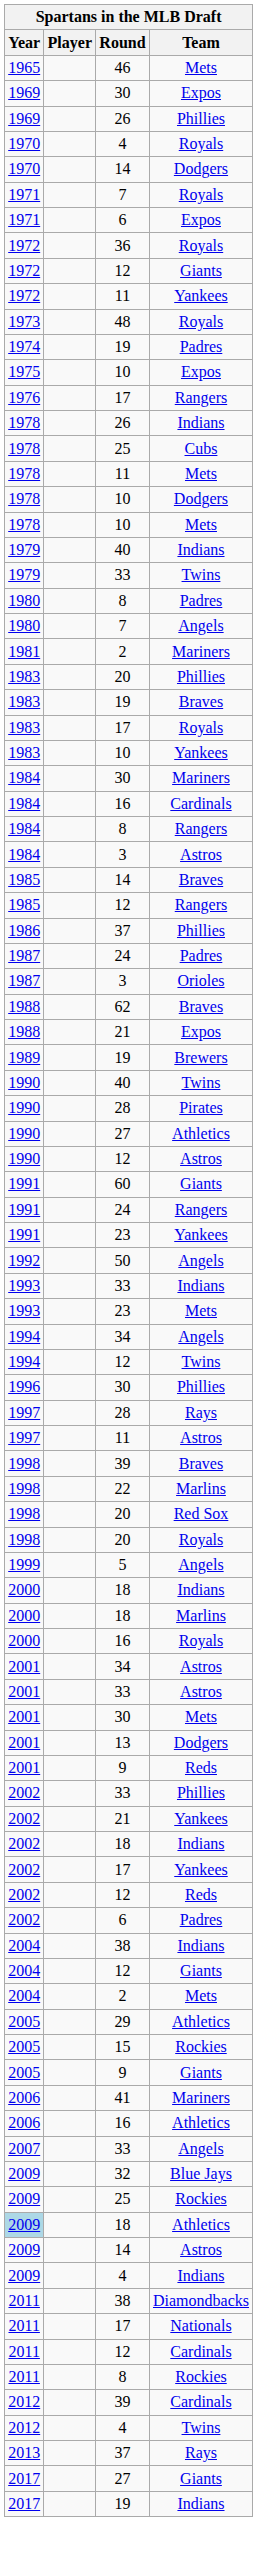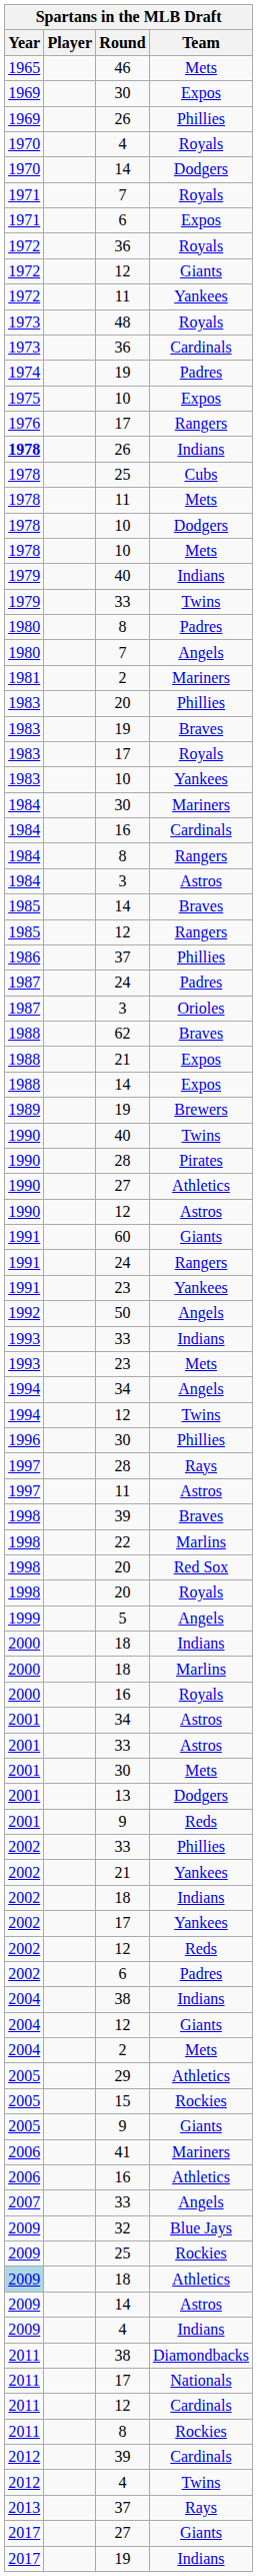 <table class="wikitable sortable collapsible collapsed" style="text-align:center">
 <tr>
 <th colspan=4>Spartans in the MLB Draft</th>
 </tr>
 <tr>
 <th>Year</th>
 <th>Player</th>
 <th>Round</th>
 <th>Team</th>
 </tr>
 <tr>
 <td><a href='#'>1965</a></td>
 <td></td>
 <td>46</td>
 <td><a href='#'>Mets</a></td>
 </tr>
 <tr>
 <td><a href='#'>1969</a></td>
 <td></td>
 <td>30</td>
 <td><a href='#'>Expos</a></td>
 </tr>
 <tr>
 <td><a href='#'>1969</a></td>
 <td></td>
 <td>26</td>
 <td><a href='#'>Phillies</a></td>
 </tr>
 <tr>
 <td><a href='#'>1970</a></td>
 <td></td>
 <td>4</td>
 <td><a href='#'>Royals</a></td>
 </tr>
 <tr>
 <td><a href='#'>1970</a></td>
 <td></td>
 <td>14</td>
 <td><a href='#'>Dodgers</a></td>
 </tr>
 <tr>
 <td><a href='#'>1971</a></td>
 <td></td>
 <td>7</td>
 <td><a href='#'>Royals</a></td>
 </tr>
 <tr>
 <td><a href='#'>1971</a></td>
 <td></td>
 <td>6</td>
 <td><a href='#'>Expos</a></td>
 </tr>
 <tr>
 <td><a href='#'>1972</a></td>
 <td></td>
 <td>36</td>
 <td><a href='#'>Royals</a></td>
 </tr>
 <tr>
 <td><a href='#'>1972</a></td>
 <td></td>
 <td>12</td>
 <td><a href='#'>Giants</a></td>
 </tr>
 <tr>
 <td><a href='#'>1972</a></td>
 <td></td>
 <td>11</td>
 <td><a href='#'>Yankees</a></td>
 </tr>
 <tr>
 <td><a href='#'>1973</a></td>
 <td></td>
 <td>48</td>
 <td><a href='#'>Royals</a></td>
 </tr>
 <tr>
+<td><a href='#'>1973</a></td>
+<td></td>
+<td>36</td>
+<td><a href='#'>Cardinals</a></td>
+</tr>
+<tr>
 <td><a href='#'>1974</a></td>
 <td></td>
 <td>19</td>
 <td><a href='#'>Padres</a></td>
 </tr>
 <tr>
 <td><a href='#'>1975</a></td>
 <td></td>
 <td>10</td>
 <td><a href='#'>Expos</a></td>
 </tr>
 <tr>
 <td><a href='#'>1976</a></td>
 <td></td>
 <td>17</td>
 <td><a href='#'>Rangers</a></td>
 </tr>
 <tr>
-<td><a href='#'>1978</a></td>
+<td><strong><a href='#'>1978</a></strong></td>
 <td></td>
 <td>26</td>
 <td><a href='#'>Indians</a></td>
 </tr>
 <tr>
 <td><a href='#'>1978</a></td>
 <td></td>
 <td>25</td>
 <td><a href='#'>Cubs</a></td>
 </tr>
 <tr>
 <td><a href='#'>1978</a></td>
 <td></td>
 <td>11</td>
 <td><a href='#'>Mets</a></td>
 </tr>
 <tr>
 <td><a href='#'>1978</a></td>
 <td></td>
 <td>10</td>
 <td><a href='#'>Dodgers</a></td>
 </tr>
 <tr>
 <td><a href='#'>1978</a></td>
 <td></td>
 <td>10</td>
 <td><a href='#'>Mets</a></td>
 </tr>
 <tr>
 <td><a href='#'>1979</a></td>
 <td></td>
 <td>40</td>
 <td><a href='#'>Indians</a></td>
 </tr>
 <tr>
 <td><a href='#'>1979</a></td>
 <td></td>
 <td>33</td>
 <td><a href='#'>Twins</a></td>
 </tr>
 <tr>
 <td><a href='#'>1980</a></td>
 <td></td>
 <td>8</td>
 <td><a href='#'>Padres</a></td>
 </tr>
 <tr>
 <td><a href='#'>1980</a></td>
 <td></td>
 <td>7</td>
 <td><a href='#'>Angels</a></td>
 </tr>
 <tr>
 <td><a href='#'>1981</a></td>
 <td></td>
 <td>2</td>
 <td><a href='#'>Mariners</a></td>
 </tr>
 <tr>
 <td><a href='#'>1983</a></td>
 <td></td>
 <td>20</td>
 <td><a href='#'>Phillies</a></td>
 </tr>
 <tr>
 <td><a href='#'>1983</a></td>
 <td></td>
 <td>19</td>
 <td><a href='#'>Braves</a></td>
 </tr>
 <tr>
 <td><a href='#'>1983</a></td>
 <td></td>
 <td>17</td>
 <td><a href='#'>Royals</a></td>
 </tr>
 <tr>
 <td><a href='#'>1983</a></td>
 <td></td>
 <td>10</td>
 <td><a href='#'>Yankees</a></td>
 </tr>
 <tr>
 <td><a href='#'>1984</a></td>
 <td></td>
 <td>30</td>
 <td><a href='#'>Mariners</a></td>
 </tr>
 <tr>
 <td><a href='#'>1984</a></td>
 <td></td>
 <td>16</td>
 <td><a href='#'>Cardinals</a></td>
 </tr>
 <tr>
 <td><a href='#'>1984</a></td>
 <td></td>
 <td>8</td>
 <td><a href='#'>Rangers</a></td>
 </tr>
 <tr>
 <td><a href='#'>1984</a></td>
 <td></td>
 <td>3</td>
 <td><a href='#'>Astros</a></td>
 </tr>
 <tr>
 <td><a href='#'>1985</a></td>
 <td></td>
 <td>14</td>
 <td><a href='#'>Braves</a></td>
 </tr>
 <tr>
 <td><a href='#'>1985</a></td>
 <td></td>
 <td>12</td>
 <td><a href='#'>Rangers</a></td>
 </tr>
 <tr>
 <td><a href='#'>1986</a></td>
 <td></td>
 <td>37</td>
 <td><a href='#'>Phillies</a></td>
 </tr>
 <tr>
 <td><a href='#'>1987</a></td>
 <td></td>
 <td>24</td>
 <td><a href='#'>Padres</a></td>
 </tr>
 <tr>
 <td><a href='#'>1987</a></td>
 <td></td>
 <td>3</td>
 <td><a href='#'>Orioles</a></td>
 </tr>
 <tr>
 <td><a href='#'>1988</a></td>
 <td></td>
 <td>62</td>
 <td><a href='#'>Braves</a></td>
 </tr>
 <tr>
 <td><a href='#'>1988</a></td>
 <td></td>
 <td>21</td>
+<td><a href='#'>Expos</a></td>
+</tr>
+<tr>
+<td><a href='#'>1988</a></td>
+<td></td>
+<td>14</td>
 <td><a href='#'>Expos</a></td>
 </tr>
 <tr>
 <td><a href='#'>1989</a></td>
 <td></td>
 <td>19</td>
 <td><a href='#'>Brewers</a></td>
 </tr>
 <tr>
 <td><a href='#'>1990</a></td>
 <td></td>
 <td>40</td>
 <td><a href='#'>Twins</a></td>
 </tr>
 <tr>
 <td><a href='#'>1990</a></td>
 <td></td>
 <td>28</td>
 <td><a href='#'>Pirates</a></td>
 </tr>
 <tr>
 <td><a href='#'>1990</a></td>
 <td></td>
 <td>27</td>
 <td><a href='#'>Athletics</a></td>
 </tr>
 <tr>
 <td><a href='#'>1990</a></td>
 <td></td>
 <td>12</td>
 <td><a href='#'>Astros</a></td>
 </tr>
 <tr>
 <td><a href='#'>1991</a></td>
 <td></td>
 <td>60</td>
 <td><a href='#'>Giants</a></td>
 </tr>
 <tr>
 <td><a href='#'>1991</a></td>
 <td></td>
 <td>24</td>
 <td><a href='#'>Rangers</a></td>
 </tr>
 <tr>
 <td><a href='#'>1991</a></td>
 <td></td>
 <td>23</td>
 <td><a href='#'>Yankees</a></td>
 </tr>
 <tr>
 <td><a href='#'>1992</a></td>
 <td></td>
 <td>50</td>
 <td><a href='#'>Angels</a></td>
 </tr>
 <tr>
 <td><a href='#'>1993</a></td>
 <td></td>
 <td>33</td>
 <td><a href='#'>Indians</a></td>
 </tr>
 <tr>
 <td><a href='#'>1993</a></td>
 <td></td>
 <td>23</td>
 <td><a href='#'>Mets</a></td>
 </tr>
 <tr>
 <td><a href='#'>1994</a></td>
 <td></td>
 <td>34</td>
 <td><a href='#'>Angels</a></td>
 </tr>
 <tr>
 <td><a href='#'>1994</a></td>
 <td></td>
 <td>12</td>
 <td><a href='#'>Twins</a></td>
 </tr>
 <tr>
 <td><a href='#'>1996</a></td>
 <td></td>
 <td>30</td>
 <td><a href='#'>Phillies</a></td>
 </tr>
 <tr>
 <td><a href='#'>1997</a></td>
 <td></td>
 <td>28</td>
 <td><a href='#'>Rays</a></td>
 </tr>
 <tr>
 <td><a href='#'>1997</a></td>
 <td></td>
 <td>11</td>
 <td><a href='#'>Astros</a></td>
 </tr>
 <tr>
 <td><a href='#'>1998</a></td>
 <td></td>
 <td>39</td>
 <td><a href='#'>Braves</a></td>
 </tr>
 <tr>
 <td><a href='#'>1998</a></td>
 <td></td>
 <td>22</td>
 <td><a href='#'>Marlins</a></td>
 </tr>
 <tr>
 <td><a href='#'>1998</a></td>
 <td></td>
 <td>20</td>
 <td><a href='#'>Red Sox</a></td>
 </tr>
 <tr>
 <td><a href='#'>1998</a></td>
 <td></td>
 <td>20</td>
 <td><a href='#'>Royals</a></td>
 </tr>
 <tr>
 <td><a href='#'>1999</a></td>
 <td></td>
 <td>5</td>
 <td><a href='#'>Angels</a></td>
 </tr>
 <tr>
 <td><a href='#'>2000</a></td>
 <td></td>
 <td>18</td>
 <td><a href='#'>Indians</a></td>
 </tr>
 <tr>
 <td><a href='#'>2000</a></td>
 <td></td>
 <td>18</td>
 <td><a href='#'>Marlins</a></td>
 </tr>
 <tr>
 <td><a href='#'>2000</a></td>
 <td></td>
 <td>16</td>
 <td><a href='#'>Royals</a></td>
 </tr>
 <tr>
 <td><a href='#'>2001</a></td>
 <td></td>
 <td>34</td>
 <td><a href='#'>Astros</a></td>
 </tr>
 <tr>
 <td><a href='#'>2001</a></td>
 <td></td>
 <td>33</td>
 <td><a href='#'>Astros</a></td>
 </tr>
 <tr>
 <td><a href='#'>2001</a></td>
 <td></td>
 <td>30</td>
 <td><a href='#'>Mets</a></td>
 </tr>
 <tr>
 <td><a href='#'>2001</a></td>
 <td></td>
 <td>13</td>
 <td><a href='#'>Dodgers</a></td>
 </tr>
 <tr>
 <td><a href='#'>2001</a></td>
 <td></td>
 <td>9</td>
 <td><a href='#'>Reds</a></td>
 </tr>
 <tr>
 <td><a href='#'>2002</a></td>
 <td></td>
 <td>33</td>
 <td><a href='#'>Phillies</a></td>
 </tr>
 <tr>
 <td><a href='#'>2002</a></td>
 <td></td>
 <td>21</td>
 <td><a href='#'>Yankees</a></td>
 </tr>
 <tr>
 <td><a href='#'>2002</a></td>
 <td></td>
 <td>18</td>
 <td><a href='#'>Indians</a></td>
 </tr>
 <tr>
 <td><a href='#'>2002</a></td>
 <td></td>
 <td>17</td>
 <td><a href='#'>Yankees</a></td>
 </tr>
 <tr>
 <td><a href='#'>2002</a></td>
 <td></td>
 <td>12</td>
 <td><a href='#'>Reds</a></td>
 </tr>
 <tr>
 <td><a href='#'>2002</a></td>
 <td></td>
 <td>6</td>
 <td><a href='#'>Padres</a></td>
 </tr>
 <tr>
 <td><a href='#'>2004</a></td>
 <td></td>
 <td>38</td>
 <td><a href='#'>Indians</a></td>
 </tr>
 <tr>
 <td><a href='#'>2004</a></td>
 <td></td>
 <td>12</td>
 <td><a href='#'>Giants</a></td>
 </tr>
 <tr>
 <td><a href='#'>2004</a></td>
 <td></td>
 <td>2</td>
 <td><a href='#'>Mets</a></td>
 </tr>
 <tr>
 <td><a href='#'>2005</a></td>
 <td></td>
 <td>29</td>
 <td><a href='#'>Athletics</a></td>
 </tr>
 <tr>
 <td><a href='#'>2005</a></td>
 <td></td>
 <td>15</td>
 <td><a href='#'>Rockies</a></td>
 </tr>
 <tr>
 <td><a href='#'>2005</a></td>
 <td></td>
 <td>9</td>
 <td><a href='#'>Giants</a></td>
 </tr>
 <tr>
 <td><a href='#'>2006</a></td>
 <td></td>
 <td>41</td>
 <td><a href='#'>Mariners</a></td>
 </tr>
 <tr>
 <td><a href='#'>2006</a></td>
 <td></td>
 <td>16</td>
 <td><a href='#'>Athletics</a></td>
 </tr>
 <tr>
 <td><a href='#'>2007</a></td>
 <td></td>
 <td>33</td>
 <td><a href='#'>Angels</a></td>
 </tr>
 <tr>
 <td><a href='#'>2009</a></td>
 <td></td>
 <td>32</td>
 <td><a href='#'>Blue Jays</a></td>
 </tr>
 <tr>
 <td><a href='#'>2009</a></td>
 <td></td>
 <td>25</td>
 <td><a href='#'>Rockies</a></td>
 </tr>
 <tr>
 <td style="background: lightblue;"><a href='#'>2009</a></td>
 <td></td>
 <td>18</td>
 <td><a href='#'>Athletics</a></td>
 </tr>
 <tr>
 <td><a href='#'>2009</a></td>
 <td></td>
 <td>14</td>
 <td><a href='#'>Astros</a></td>
 </tr>
 <tr>
 <td><a href='#'>2009</a></td>
 <td></td>
 <td>4</td>
 <td><a href='#'>Indians</a></td>
 </tr>
 <tr>
 <td><a href='#'>2011</a></td>
 <td></td>
 <td>38</td>
 <td><a href='#'>Diamondbacks</a></td>
 </tr>
 <tr>
 <td><a href='#'>2011</a></td>
 <td></td>
 <td>17</td>
 <td><a href='#'>Nationals</a></td>
 </tr>
 <tr>
 <td><a href='#'>2011</a></td>
 <td></td>
 <td>12</td>
 <td><a href='#'>Cardinals</a></td>
 </tr>
 <tr>
 <td><a href='#'>2011</a></td>
 <td></td>
 <td>8</td>
 <td><a href='#'>Rockies</a></td>
 </tr>
 <tr>
 <td><a href='#'>2012</a></td>
 <td></td>
 <td>39</td>
 <td><a href='#'>Cardinals</a></td>
 </tr>
 <tr>
 <td><a href='#'>2012</a></td>
 <td></td>
 <td>4</td>
 <td><a href='#'>Twins</a></td>
 </tr>
 <tr>
 <td><a href='#'>2013</a></td>
 <td></td>
 <td>37</td>
 <td><a href='#'>Rays</a></td>
 </tr>
 <tr>
 <td><a href='#'>2017</a></td>
 <td></td>
 <td>27</td>
 <td><a href='#'>Giants</a></td>
 </tr>
 <tr>
 <td><a href='#'>2017</a></td>
 <td></td>
 <td>19</td>
 <td><a href='#'>Indians</a></td>
 </tr>
 </table>
